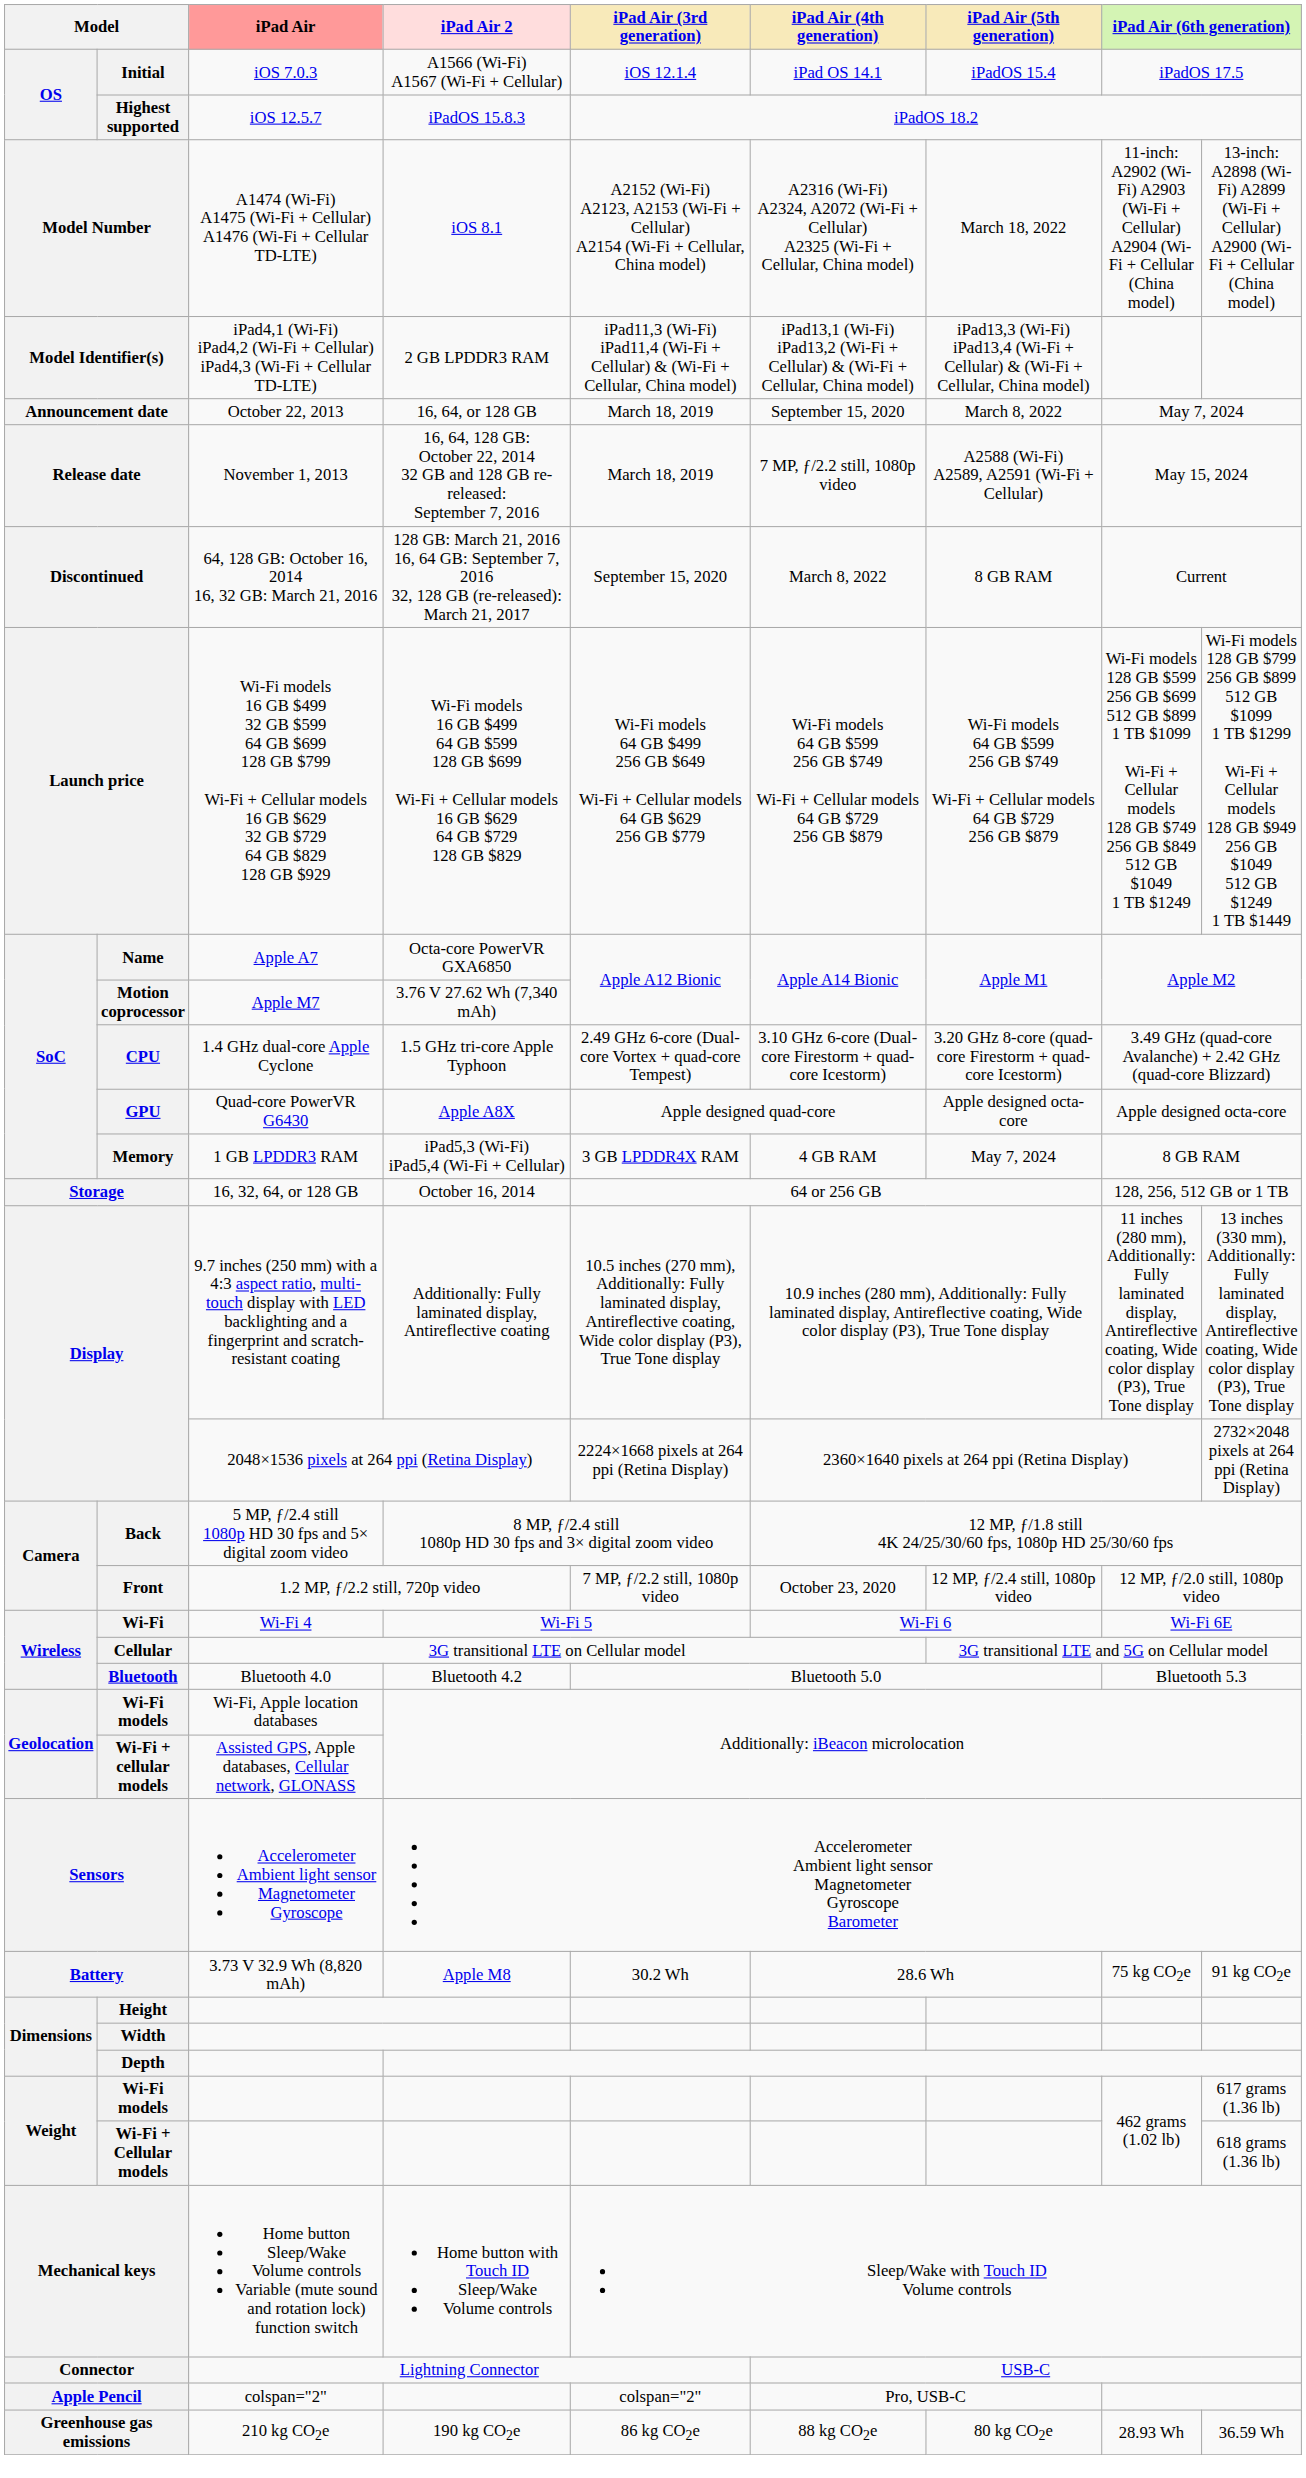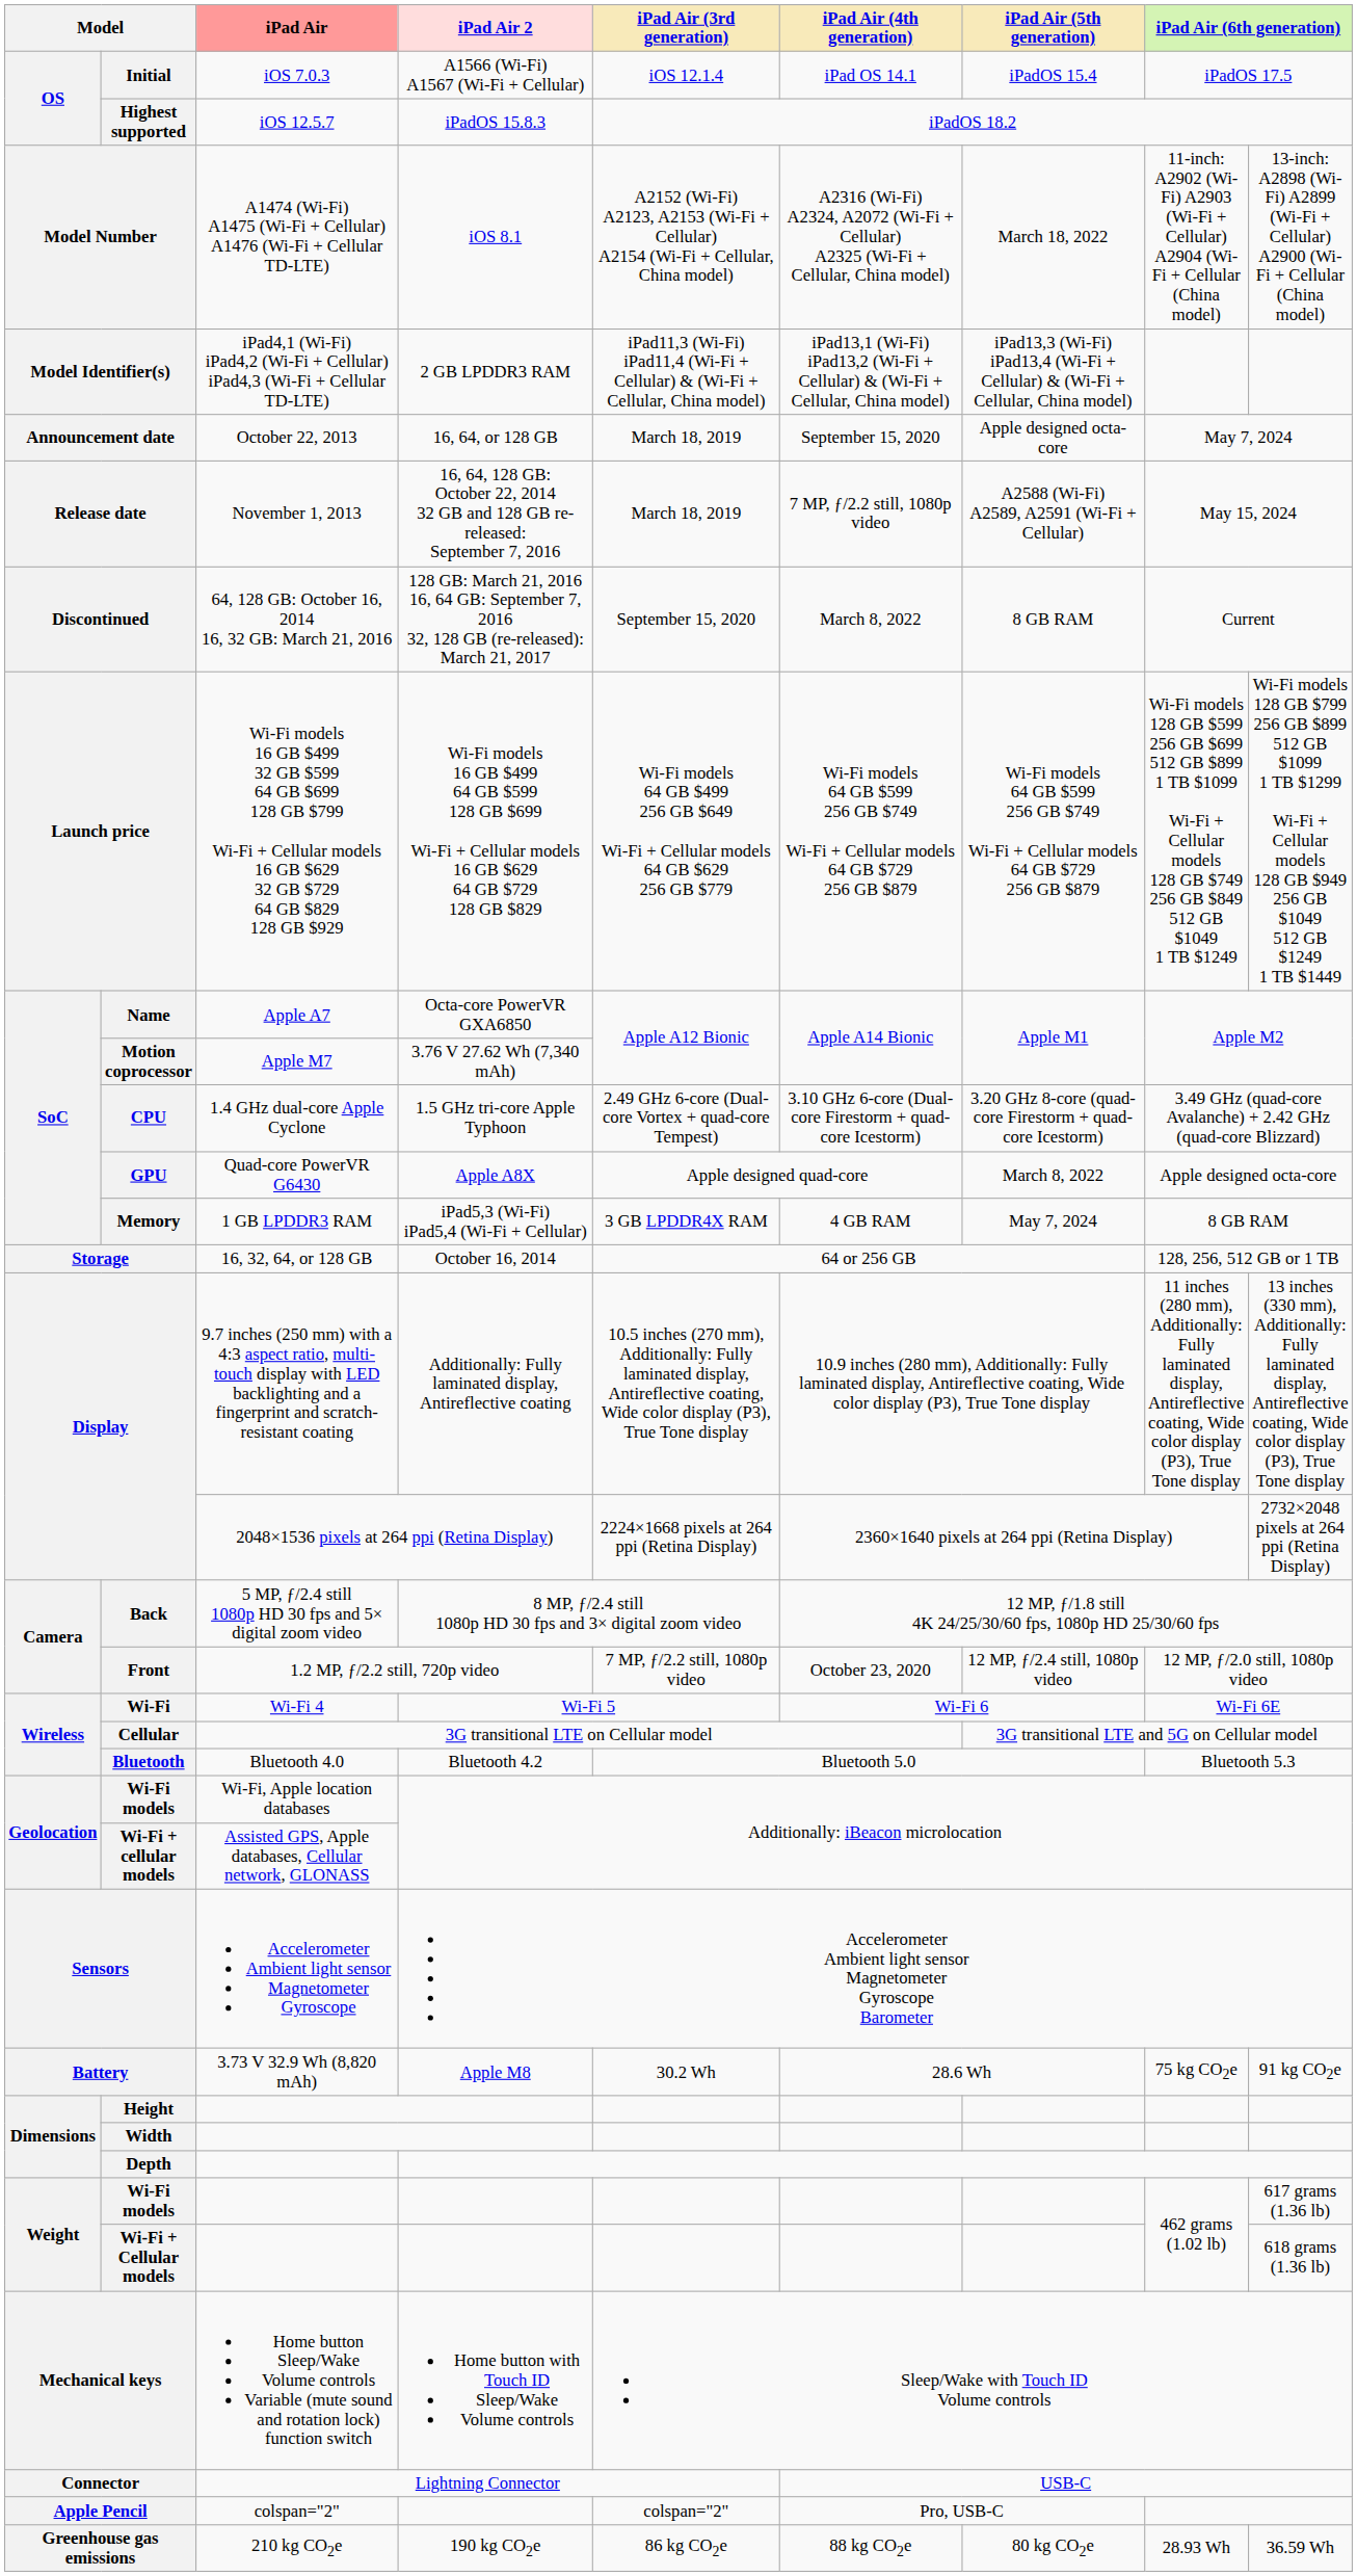 <table class="wikitable" style="text-align: center;">
 <tr>
 <th colspan="2">Model</th>
 <th style="width:200px; background:#ff9999;">iPad Air</th>
 <th style="width:200px; background:#ffdddd;"><a href='#'>iPad Air 2</a></th>
 <th style="width:200px; background:#f8eaba;"><a href='#'>iPad Air (3rd generation)</a></th>
 <th style="width:200px; background:#f8eaba;"><a href='#'>iPad Air (4th generation)</a></th>
 <th style="width:200px; background:#f8eaba;"><a href='#'>iPad Air (5th generation)</a></th>
 <th colspan="2" style="width:200px; background:#d4f4b4;"><a href='#'>iPad Air (6th generation)</a></th>
 </tr>
 <tr>
 <th rowspan="2"><a href='#'>OS</a></th>
 <th>Initial</th>
 <td><a href='#'>iOS 7.0.3</a></td>
 <td>A1566 (Wi-Fi)<br>A1567 (Wi-Fi + Cellular)</td>
 <td><a href='#'>iOS 12.1.4</a></td>
 <td><a href='#'>iPad OS 14.1</a></td>
 <td><a href='#'>iPadOS 15.4</a></td>
 <td colspan="2"><a href='#'>iPadOS 17.5</a></td>
 </tr>
 <tr>
 <th>Highest supported</th>
 <td><a href='#'>iOS 12.5.7</a></td>
 <td><a href='#'>iPadOS 15.8.3</a></td>
 <td colspan="5"><a href='#'>iPadOS 18.2</a></td>
 </tr>
 <tr>
 <th colspan="2">Model Number</th>
 <td>A1474 (Wi-Fi)<br>A1475 (Wi-Fi + Cellular)<br>A1476 (Wi-Fi + Cellular TD-LTE)</td>
 <td><a href='#'>iOS 8.1</a></td>
 <td>A2152 (Wi-Fi)<br>A2123, A2153 (Wi-Fi + Cellular)<br>A2154 (Wi-Fi + Cellular, China model)</td>
 <td>A2316 (Wi-Fi)<br>A2324, A2072 (Wi-Fi + Cellular)<br>A2325 (Wi-Fi + Cellular, China model)</td>
 <td>March 18, 2022</td>
 <td>11-inch:<br>A2902 (Wi-Fi) A2903 (Wi-Fi + Cellular) A2904 (Wi-Fi + Cellular (China model)</td>
 <td>13-inch:<br>A2898 (Wi-Fi) A2899 (Wi-Fi + Cellular) A2900 (Wi-Fi + Cellular (China model)</td>
 </tr>
 <tr>
 <th colspan="2">Model Identifier(s)</th>
 <td>iPad4,1 (Wi-Fi)<br>iPad4,2 (Wi-Fi + Cellular)<br>iPad4,3 (Wi-Fi + Cellular TD-LTE)</td>
 <td>2 GB LPDDR3 RAM</td>
 <td>iPad11,3 (Wi-Fi)<br>iPad11,4 (Wi-Fi + Cellular) & (Wi-Fi + Cellular, China model)</td>
 <td>iPad13,1 (Wi-Fi)<br>iPad13,2 (Wi-Fi + Cellular) & (Wi-Fi + Cellular, China model)</td>
 <td>iPad13,3 (Wi-Fi)<br>iPad13,4 (Wi-Fi + Cellular) & (Wi-Fi + Cellular, China model)</td>
 <td></td>
 <td></td>
 </tr>
 <tr>
 <th colspan="2">Announcement date</th>
 <td>October 22, 2013</td>
 <td>16, 64, or 128 GB</td>
 <td>March 18, 2019</td>
 <td>September 15, 2020</td>
-<td>March 8, 2022</td>
+<td>Apple designed octa-core</td>
 <td colspan="2">May 7, 2024</td>
 </tr>
 <tr>
 <th colspan="2">Release date</th>
 <td>November 1, 2013</td>
 <td>16, 64, 128 GB:<br>October 22, 2014<br>32 GB and 128 GB re-released:<br>September 7, 2016</td>
 <td>March 18, 2019</td>
 <td>7 MP, ƒ/2.2 still, 1080p video</td>
 <td>A2588 (Wi-Fi)<br>A2589, A2591 (Wi-Fi + Cellular)</td>
 <td colspan="2">May 15, 2024</td>
 </tr>
 <tr>
 <th colspan="2">Discontinued</th>
 <td>64, 128 GB: October 16, 2014<br>16, 32 GB: March 21, 2016</td>
 <td>128 GB: March 21, 2016<br>16, 64 GB: September 7, 2016<br>32, 128 GB (re-released): March 21, 2017</td>
 <td>September 15, 2020</td>
 <td>March 8, 2022</td>
 <td>8 GB RAM</td>
 <td colspan="2">Current</td>
 </tr>
 <tr>
 <th colspan="2">Launch price</th>
 <td>Wi-Fi models<br>16 GB $499<br>32 GB $599<br>64 GB $699<br>128 GB $799<br><br>Wi-Fi + Cellular models<br>16 GB $629<br>32 GB $729<br>64 GB $829<br>128 GB $929</td>
 <td>Wi-Fi models<br>16 GB $499<br>64 GB $599<br>128 GB $699<br><br>Wi-Fi + Cellular models<br>16 GB $629<br>64 GB $729<br>128 GB $829</td>
 <td>Wi-Fi models<br>64 GB $499<br>256 GB $649<br><br>Wi-Fi + Cellular models<br>64 GB $629<br>256 GB $779</td>
 <td>Wi-Fi models<br>64 GB $599<br>256 GB $749<br><br>Wi-Fi + Cellular models<br>64 GB $729<br>256 GB $879</td>
 <td>Wi-Fi models<br>64 GB $599<br>256 GB $749<br><br>Wi-Fi + Cellular models<br>64 GB $729<br>256 GB $879</td>
 <td>Wi-Fi models<br>128 GB $599<br>256 GB $699<br>512 GB $899<br>1 TB $1099<br><br>Wi-Fi + Cellular models<br>128 GB $749<br>256 GB $849<br>512 GB $1049<br>1 TB $1249</td>
 <td>Wi-Fi models<br>128 GB $799<br>256 GB $899<br>512 GB $1099<br>1 TB $1299<br><br>Wi-Fi + Cellular models<br>128 GB $949<br>256 GB $1049<br>512 GB $1249<br>1 TB $1449</td>
 </tr>
 <tr>
 <th rowspan="5"><a href='#'>SoC</a></th>
 <th>Name</th>
 <td><a href='#'>Apple A7</a></td>
 <td>Octa-core PowerVR GXA6850</td>
 <td rowspan="2"><a href='#'>Apple A12 Bionic</a></td>
 <td rowspan="2"><a href='#'>Apple A14 Bionic</a></td>
 <td rowspan="2"><a href='#'>Apple M1</a></td>
 <td colspan="2" rowspan="2"><a href='#'>Apple M2</a></td>
 </tr>
 <tr>
 <th>Motion coprocessor</th>
 <td><a href='#'>Apple M7</a></td>
 <td>3.76 V 27.62 Wh (7,340 mAh)</td>
 </tr>
 <tr>
 <th><a href='#'>CPU</a></th>
 <td>1.4 GHz dual-core <a href='#'>Apple</a> Cyclone</td>
 <td>1.5 GHz tri-core Apple Typhoon</td>
 <td>2.49 GHz 6-core (Dual-core Vortex + quad-core Tempest)</td>
 <td>3.10 GHz 6-core (Dual-core Firestorm + quad-core Icestorm)</td>
 <td>3.20 GHz 8-core (quad-core Firestorm + quad-core Icestorm)</td>
 <td colspan="2">3.49 GHz (quad-core Avalanche) + 2.42 GHz (quad-core Blizzard)</td>
 </tr>
 <tr>
 <th><a href='#'>GPU</a></th>
 <td>Quad-core PowerVR <a href='#'>G6430</a></td>
 <td><a href='#'>Apple A8X</a></td>
 <td colspan="2">Apple designed quad-core</td>
-<td>Apple designed octa-core</td>
+<td>March 8, 2022</td>
 <td colspan="2">Apple designed octa-core</td>
 </tr>
 <tr>
 <th>Memory</th>
 <td>1 GB <a href='#'>LPDDR3</a> RAM</td>
 <td>iPad5,3 (Wi-Fi)<br>iPad5,4 (Wi-Fi + Cellular)</td>
 <td>3 GB <a href='#'>LPDDR4X</a> RAM</td>
 <td>4 GB RAM</td>
 <td>May 7, 2024</td>
 <td colspan="2">8 GB RAM</td>
 </tr>
 <tr>
 <th colspan="2"><a href='#'>Storage</a></th>
 <td>16, 32, 64, or 128 GB</td>
 <td>October 16, 2014</td>
 <td colspan="3">64 or 256 GB</td>
 <td colspan="2">128, 256, 512 GB or 1 TB</td>
 </tr>
 <tr>
 <th colspan="2" rowspan="2"><a href='#'>Display</a></th>
 <td>9.7 inches (250 mm) with a 4:3 <a href='#'>aspect ratio</a>, <a href='#'>multi-touch</a> display with <a href='#'>LED</a> backlighting and a fingerprint and scratch-resistant coating</td>
 <td>Additionally: Fully laminated display, Antireflective coating</td>
 <td>10.5 inches (270 mm), Additionally: Fully laminated display, Antireflective coating, Wide color display (P3), True Tone display</td>
 <td colspan="2">10.9 inches (280 mm), Additionally: Fully laminated display, Antireflective coating, Wide color display (P3), True Tone display</td>
 <td>11 inches (280 mm), Additionally: Fully laminated display, Antireflective coating, Wide color display (P3), True Tone display</td>
 <td>13 inches (330 mm), Additionally: Fully laminated display, Antireflective coating, Wide color display (P3), True Tone display</td>
 </tr>
 <tr>
 <td colspan="2">2048×1536 <a href='#'>pixels</a> at 264 <a href='#'>ppi</a> (<a href='#'>Retina Display</a>)</td>
 <td>2224×1668 pixels at 264 ppi (Retina Display)</td>
 <td colspan="3">2360×1640 pixels at 264 ppi (Retina Display)</td>
 <td>2732×2048 pixels at 264 ppi (Retina Display)</td>
 </tr>
 <tr>
 <th rowspan="2">Camera</th>
 <th>Back</th>
 <td>5 MP, ƒ/2.4 still<br><a href='#'>1080p</a> HD 30 fps and 5× digital zoom video</td>
 <td colspan="2">8 MP, ƒ/2.4 still<br>1080p HD 30 fps and 3× digital zoom video</td>
 <td colspan="4">12 MP, ƒ/1.8 still<br>4K 24/25/30/60 fps, 1080p HD 25/30/60 fps</td>
 </tr>
 <tr>
 <th>Front</th>
 <td colspan="2">1.2 MP, ƒ/2.2 still, 720p video</td>
 <td>7 MP, ƒ/2.2 still, 1080p video</td>
 <td>October 23, 2020</td>
 <td>12 MP, ƒ/2.4 still, 1080p video</td>
 <td colspan="2">12 MP, ƒ/2.0 still, 1080p video</td>
 </tr>
 <tr>
 <th rowspan="3"><a href='#'>Wireless</a></th>
 <th>Wi-Fi</th>
 <td><a href='#'>Wi-Fi 4</a></td>
 <td colspan="2"><a href='#'>Wi-Fi 5</a></td>
 <td colspan="2"><a href='#'>Wi-Fi 6</a></td>
 <td colspan="2"><a href='#'>Wi-Fi 6E</a></td>
 </tr>
 <tr>
 <th>Cellular</th>
 <td colspan="4"><a href='#'>3G</a> transitional <a href='#'>LTE</a> on Cellular model</td>
 <td colspan="3"><a href='#'>3G</a> transitional <a href='#'>LTE</a> and <a href='#'>5G</a> on Cellular model</td>
 </tr>
 <tr>
 <th><a href='#'>Bluetooth</a></th>
 <td>Bluetooth 4.0</td>
 <td>Bluetooth 4.2</td>
 <td colspan="3">Bluetooth 5.0</td>
 <td colspan="2">Bluetooth 5.3</td>
 </tr>
 <tr>
 <th rowspan="2"><a href='#'>Geolocation</a></th>
 <th>Wi-Fi models</th>
 <td>Wi-Fi, Apple location databases</td>
 <td colspan="6" rowspan="2">Additionally: <a href='#'>iBeacon</a> microlocation</td>
 </tr>
 <tr>
 <th>Wi-Fi + cellular models</th>
 <td><a href='#'>Assisted GPS</a>, Apple databases, <a href='#'>Cellular network</a>, <a href='#'>GLONASS</a></td>
 </tr>
 <tr>
 <th colspan="2"><a href='#'>Sensors</a></th>
 <td><br><ul><li><a href='#'>Accelerometer</a></li><li><a href='#'>Ambient light sensor</a></li><li><a href='#'>Magnetometer</a></li><li><a href='#'>Gyroscope</a></li></ul></td>
 <td colspan="6"><br><ul><li>Accelerometer</li><li>Ambient light sensor</li><li>Magnetometer</li><li>Gyroscope</li><li><a href='#'>Barometer</a></li></ul></td>
 </tr>
 <tr>
 <th colspan="2"><a href='#'>Battery</a></th>
 <td>3.73 V 32.9 Wh (8,820 mAh)</td>
 <td><a href='#'>Apple M8</a></td>
 <td>30.2 Wh</td>
 <td colspan="2">28.6 Wh</td>
 <td>75 kg CO<sub>2</sub>e</td>
 <td>91 kg CO<sub>2</sub>e</td>
 </tr>
 <tr>
 <th rowspan="3">Dimensions</th>
 <th>Height</th>
 <td colspan="2"></td>
 <td></td>
 <td></td>
 <td></td>
 <td></td>
 <td></td>
 </tr>
 <tr>
 <th>Width</th>
 <td colspan="2"></td>
 <td></td>
 <td></td>
 <td></td>
 <td></td>
 <td></td>
 </tr>
 <tr>
 <th>Depth</th>
 <td></td>
 <td colspan="6"></td>
 </tr>
 <tr>
 <th rowspan="2">Weight</th>
 <th>Wi-Fi models</th>
 <td></td>
 <td></td>
 <td></td>
 <td></td>
 <td></td>
 <td rowspan="2">462 grams (1.02 lb)</td>
 <td>617 grams (1.36 lb)</td>
 </tr>
 <tr>
 <th>Wi-Fi + Cellular models</th>
 <td></td>
 <td></td>
 <td></td>
 <td></td>
 <td></td>
 <td>618 grams (1.36 lb)</td>
 </tr>
 <tr>
 <th colspan="2">Mechanical keys</th>
 <td><br><ul><li>Home button</li><li>Sleep/Wake</li><li>Volume controls</li><li>Variable (mute sound and rotation lock) function switch</li></ul></td>
 <td><br><ul><li>Home button with <a href='#'>Touch ID</a></li><li>Sleep/Wake</li><li>Volume controls</li></ul></td>
 <td colspan="5"><br><ul><li>Sleep/Wake with <a href='#'>Touch ID</a></li><li>Volume controls</li></ul></td>
 </tr>
 <tr>
 <th colspan="2">Connector</th>
 <td colspan="3"><a href='#'>Lightning Connector</a></td>
 <td colspan="4"><a href='#'>USB-C</a></td>
 </tr>
 <tr>
 <th colspan="2"><a href='#'>Apple Pencil</a></th>
 <td>colspan="2" </td>
 <td></td>
 <td>colspan="2" </td>
 <td colspan="2">Pro, USB-C</td>
 </tr>
 <tr>
 <th colspan="2">Greenhouse gas emissions</th>
 <td>210 kg CO<sub>2</sub>e</td>
 <td>190 kg CO<sub>2</sub>e</td>
 <td>86 kg CO<sub>2</sub>e</td>
 <td>88 kg CO<sub>2</sub>e</td>
 <td>80 kg CO<sub>2</sub>e</td>
 <td>28.93 Wh</td>
 <td>36.59 Wh</td>
 </tr>
 </table>
